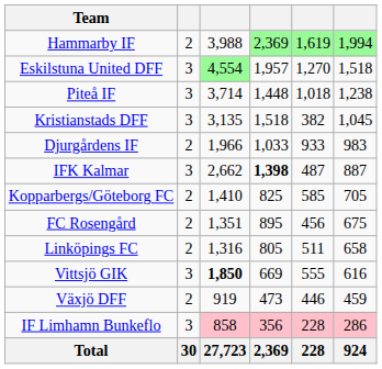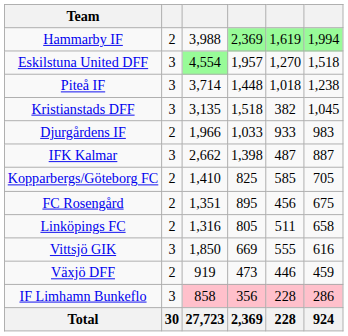 <table class="wikitable sortable" style="font-size: 95%;text-align: center;">
 <tr>
 <th>Team</th>
 <th></th>
 <th></th>
 <th></th>
 <th></th>
 <th></th>
 </tr>
 <tr>
 <td><a href='#'>Hammarby IF</a></td>
 <td>2</td>
 <td>3,988</td>
 <td bgcolor="#98FB98">2,369</td>
 <td bgcolor="#98FB98">1,619</td>
 <td bgcolor="#98FB98">1,994</td>
 </tr>
 <tr>
 <td><a href='#'>Eskilstuna United DFF</a></td>
 <td>3</td>
 <td bgcolor="#98FB98">4,554</td>
 <td>1,957</td>
 <td>1,270</td>
 <td>1,518</td>
 </tr>
 <tr>
 <td><a href='#'>Piteå IF</a></td>
 <td>3</td>
 <td>3,714</td>
 <td>1,448</td>
 <td>1,018</td>
 <td>1,238</td>
 </tr>
 <tr>
 <td><a href='#'>Kristianstads DFF</a></td>
 <td>3</td>
 <td>3,135</td>
 <td>1,518</td>
 <td>382</td>
 <td>1,045</td>
 </tr>
 <tr>
 <td><a href='#'>Djurgårdens IF</a></td>
 <td>2</td>
 <td>1,966</td>
 <td>1,033</td>
 <td>933</td>
 <td>983</td>
 </tr>
 <tr>
 <td><a href='#'>IFK Kalmar</a></td>
 <td>3</td>
 <td>2,662</td>
-<td><strong>1,398</strong></td>
+<td>1,398</td>
 <td>487</td>
 <td>887</td>
 </tr>
 <tr>
 <td><a href='#'>Kopparbergs/Göteborg FC</a></td>
 <td>2</td>
 <td>1,410</td>
 <td>825</td>
 <td>585</td>
 <td>705</td>
 </tr>
 <tr>
 <td><a href='#'>FC Rosengård</a></td>
 <td>2</td>
 <td>1,351</td>
 <td>895</td>
 <td>456</td>
 <td>675</td>
 </tr>
 <tr>
 <td><a href='#'>Linköpings FC</a></td>
 <td>2</td>
 <td>1,316</td>
 <td>805</td>
 <td>511</td>
 <td>658</td>
 </tr>
 <tr>
 <td><a href='#'>Vittsjö GIK</a></td>
 <td>3</td>
-<td><strong>1,850</strong></td>
+<td>1,850</td>
 <td>669</td>
 <td>555</td>
 <td>616</td>
 </tr>
 <tr>
 <td><a href='#'>Växjö DFF</a></td>
 <td>2</td>
 <td>919</td>
 <td>473</td>
 <td>446</td>
 <td>459</td>
 </tr>
 <tr>
 <td><a href='#'>IF Limhamn Bunkeflo</a></td>
 <td>3</td>
 <td bgcolor="#FFC0CB">858</td>
 <td bgcolor="#FFC0CB">356</td>
 <td bgcolor="#FFC0CB">228</td>
 <td bgcolor="#FFC0CB">286</td>
 </tr>
 <tr>
 <th>Total</th>
 <th>30</th>
 <th>27,723</th>
 <th>2,369</th>
 <th>228</th>
 <th>924</th>
 </tr>
 </table>
